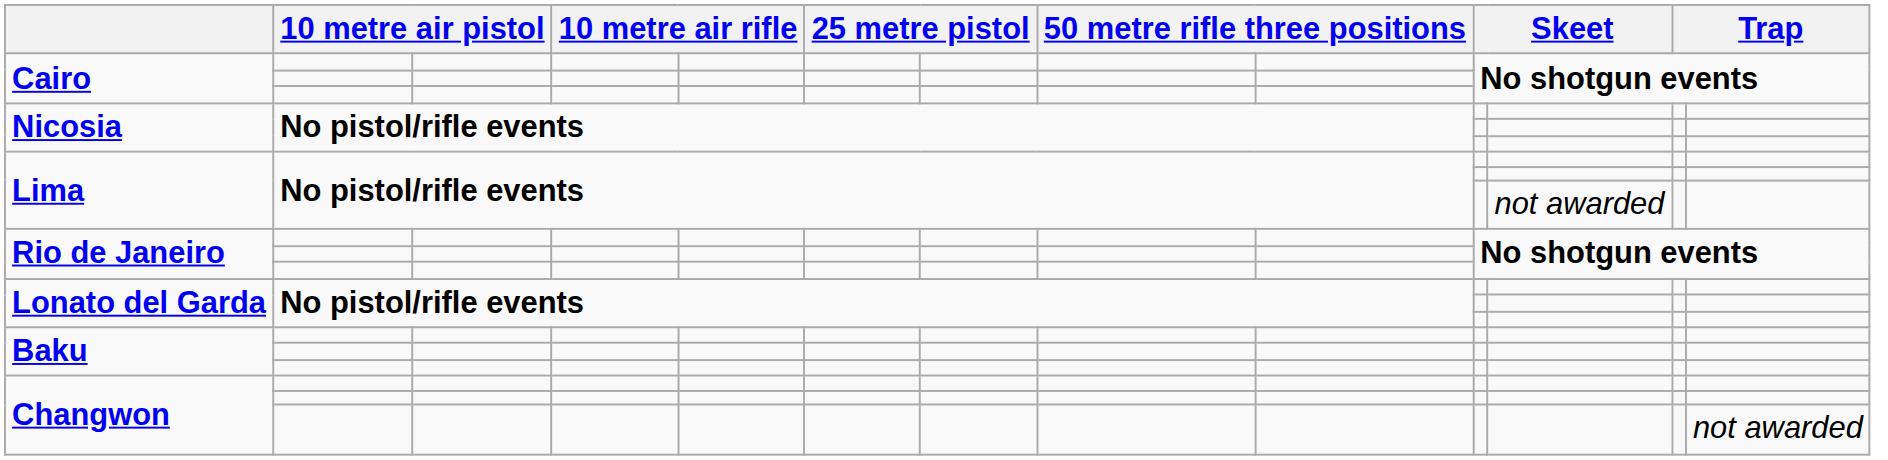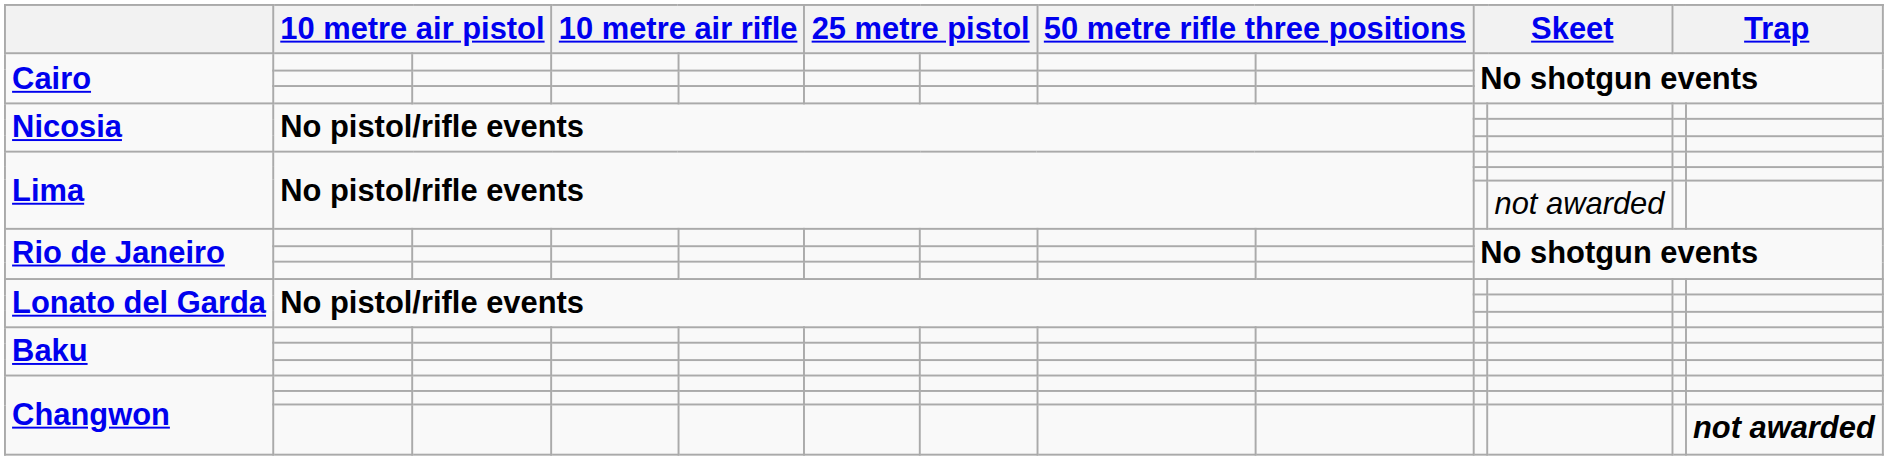 <table class="wikitable">
 <tr>
 <th></th>
 <th colspan="2"><a href='#'>10 metre air pistol</a></th>
 <th colspan="2"><a href='#'>10 metre air rifle</a></th>
 <th colspan="2"><a href='#'>25 metre pistol</a></th>
 <th colspan="2"><a href='#'>50 metre rifle three positions</a></th>
 <th colspan="2"><a href='#'>Skeet</a></th>
 <th colspan="2"><a href='#'>Trap</a></th>
 </tr>
 <tr>
 <td rowspan="3"> <strong><a href='#'>Cairo</a></strong></td>
 <td></td>
 <td></td>
 <td></td>
 <td></td>
 <td></td>
 <td></td>
 <td></td>
 <td></td>
 <td colspan="4" rowspan="3"><strong>No shotgun events</strong></td>
 </tr>
 <tr>
 <td></td>
 <td></td>
 <td></td>
 <td></td>
 <td></td>
 <td></td>
 <td></td>
 <td></td>
 </tr>
 <tr>
 <td></td>
 <td></td>
 <td></td>
 <td></td>
 <td></td>
 <td></td>
 <td></td>
 <td></td>
 </tr>
 <tr>
 <td rowspan="3"> <strong><a href='#'>Nicosia</a></strong></td>
 <td colspan="8" rowspan="3"><strong>No pistol/rifle events</strong></td>
 <td></td>
 <td></td>
 <td></td>
 <td></td>
 </tr>
 <tr>
 <td></td>
 <td></td>
 <td></td>
 <td></td>
 </tr>
 <tr>
 <td></td>
 <td></td>
 <td></td>
 <td></td>
 </tr>
 <tr>
 <td rowspan="3"> <strong><a href='#'>Lima</a></strong></td>
 <td colspan="8" rowspan="3"><strong>No pistol/rifle events</strong></td>
 <td></td>
 <td></td>
 <td></td>
 <td></td>
 </tr>
 <tr>
 <td></td>
 <td></td>
 <td></td>
 <td></td>
 </tr>
 <tr>
 <td></td>
 <td><em>not awarded</em></td>
 <td></td>
 <td></td>
 </tr>
 <tr>
 <td rowspan="3"> <strong><a href='#'>Rio de Janeiro</a></strong></td>
 <td></td>
 <td></td>
 <td></td>
 <td></td>
 <td></td>
 <td></td>
 <td></td>
 <td></td>
 <td colspan="4" rowspan="3"><strong>No shotgun events</strong></td>
 </tr>
 <tr>
 <td></td>
 <td></td>
 <td></td>
 <td></td>
 <td></td>
 <td></td>
 <td></td>
 <td></td>
 </tr>
 <tr>
 <td></td>
 <td></td>
 <td></td>
 <td></td>
 <td></td>
 <td></td>
 <td></td>
 <td></td>
 </tr>
 <tr>
 <td rowspan="3"> <strong><a href='#'>Lonato del Garda</a></strong></td>
 <td colspan="8" rowspan="3"><strong>No pistol/rifle events</strong></td>
 <td></td>
 <td></td>
 <td></td>
 <td></td>
 </tr>
 <tr>
 <td></td>
 <td></td>
 <td></td>
 <td></td>
 </tr>
 <tr>
 <td></td>
 <td></td>
 <td></td>
 <td></td>
 </tr>
 <tr>
 <td rowspan="3"> <strong><a href='#'>Baku</a></strong></td>
 <td></td>
 <td></td>
 <td></td>
 <td></td>
 <td></td>
 <td></td>
 <td></td>
 <td></td>
 <td></td>
 <td></td>
 <td></td>
 <td></td>
 </tr>
 <tr>
 <td></td>
 <td></td>
 <td></td>
 <td></td>
 <td></td>
 <td></td>
 <td></td>
 <td></td>
 <td></td>
 <td></td>
 <td></td>
 <td></td>
 </tr>
 <tr>
 <td></td>
 <td></td>
 <td></td>
 <td></td>
 <td></td>
 <td></td>
 <td></td>
 <td></td>
 <td></td>
 <td></td>
 <td></td>
 <td></td>
 </tr>
 <tr>
 <td rowspan="3"> <strong><a href='#'>Changwon</a></strong></td>
 <td></td>
 <td></td>
 <td></td>
 <td></td>
 <td></td>
 <td></td>
 <td></td>
 <td></td>
 <td></td>
 <td></td>
 <td></td>
 <td></td>
 </tr>
 <tr>
 <td></td>
 <td></td>
 <td></td>
 <td></td>
 <td></td>
 <td></td>
 <td></td>
 <td></td>
 <td></td>
 <td></td>
 <td></td>
 <td></td>
 </tr>
 <tr>
 <td></td>
 <td></td>
 <td></td>
 <td></td>
 <td></td>
 <td></td>
 <td></td>
 <td></td>
 <td></td>
 <td></td>
 <td></td>
-<td><em>not awarded</em></td>
+<td><strong><em>not awarded</em></strong></td>
 </tr>
 </table>
